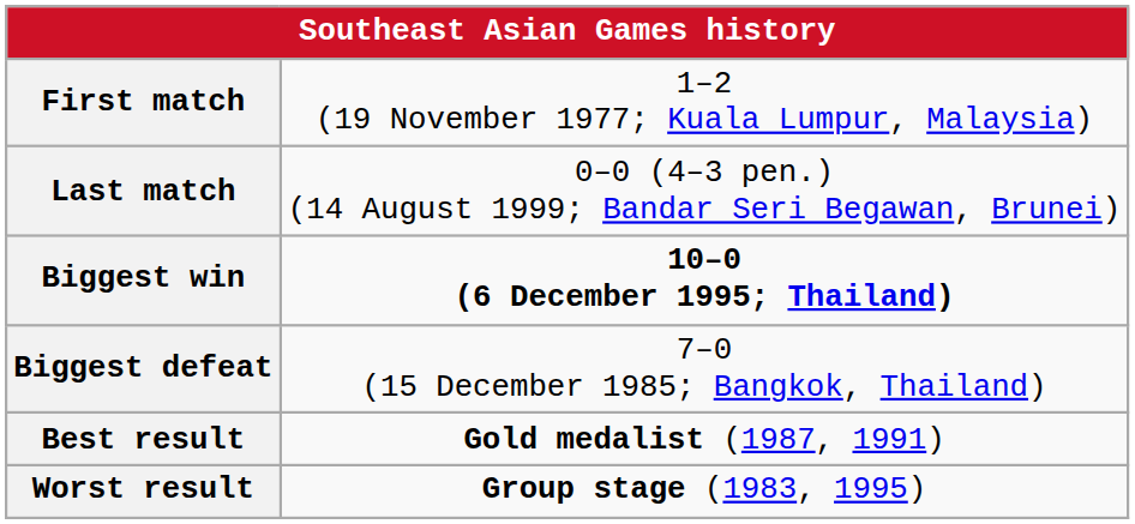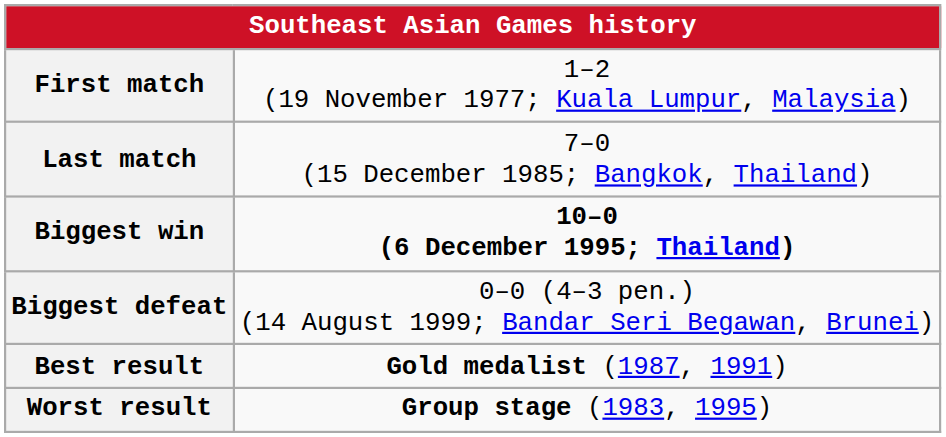 <table class="wikitable collapsible collapsed" style="text-align: center;font-size:90%;">
 <tr>
 <th colspan=6 style="background: #CE1126; color: #FFFFFF;">Southeast Asian Games history</th>
 </tr>
 <tr>
 <th style="text-align: center;">First match</th>
 <td style="text-align:center;"> 1–2 <br>(19 November 1977; <a href='#'>Kuala Lumpur</a>, <a href='#'>Malaysia</a>)</td>
 </tr>
 <tr>
 <th style="text-align: center;">Last match</th>
-<td style="text-align:center;"> 0–0 (4–3 pen.) <br>(14 August 1999; <a href='#'>Bandar Seri Begawan</a>, <a href='#'>Brunei</a>)</td>
+<td style="text-align:center;"> 7–0 <br>(15 December 1985; <a href='#'>Bangkok</a>, <a href='#'>Thailand</a>)</td>
 </tr>
 <tr>
 <th style="text-align: center;">Biggest win</th>
 <td style="text-align:center;"><strong> 10–0 <br>(6 December 1995; <a href='#'>Thailand</a>)</strong></td>
 </tr>
 <tr>
 <th style="text-align: center;">Biggest defeat</th>
-<td style="text-align:center;"> 7–0 <br>(15 December 1985; <a href='#'>Bangkok</a>, <a href='#'>Thailand</a>)</td>
+<td style="text-align:center;"> 0–0 (4–3 pen.) <br>(14 August 1999; <a href='#'>Bandar Seri Begawan</a>, <a href='#'>Brunei</a>)</td>
 </tr>
 <tr>
 <th style="text-align: center;">Best result</th>
 <td style="text-align:center;"><strong>Gold medalist</strong> (<a href='#'>1987</a>, <a href='#'>1991</a>)</td>
 </tr>
 <tr>
 <th style="text-align: center;">Worst result</th>
 <td style="text-align:center;"><strong>Group stage</strong> (<a href='#'>1983</a>, <a href='#'>1995</a>)</td>
 </tr>
 </table>
